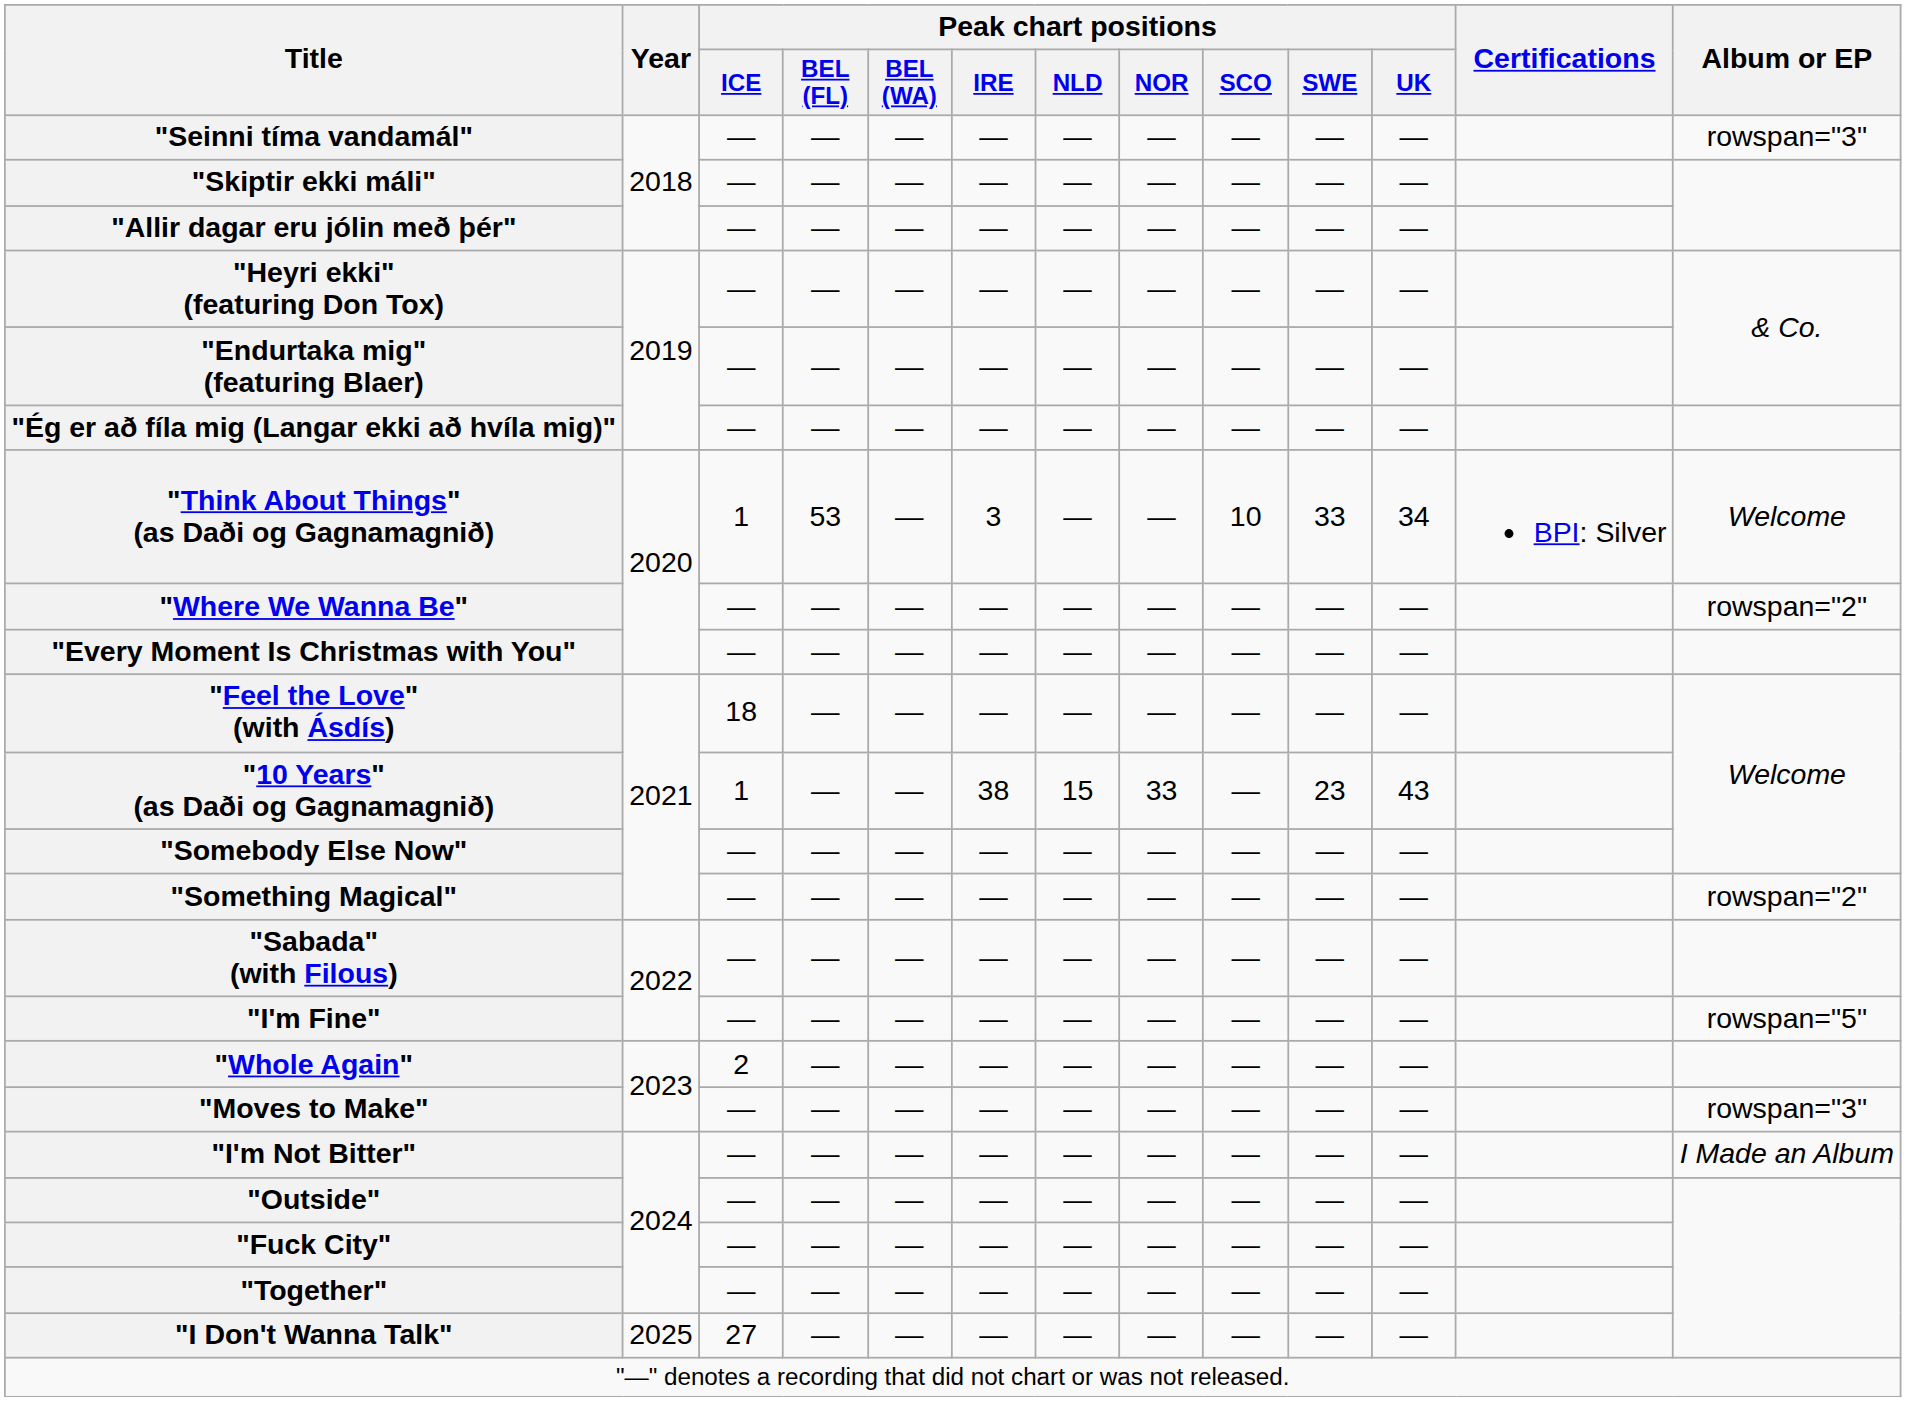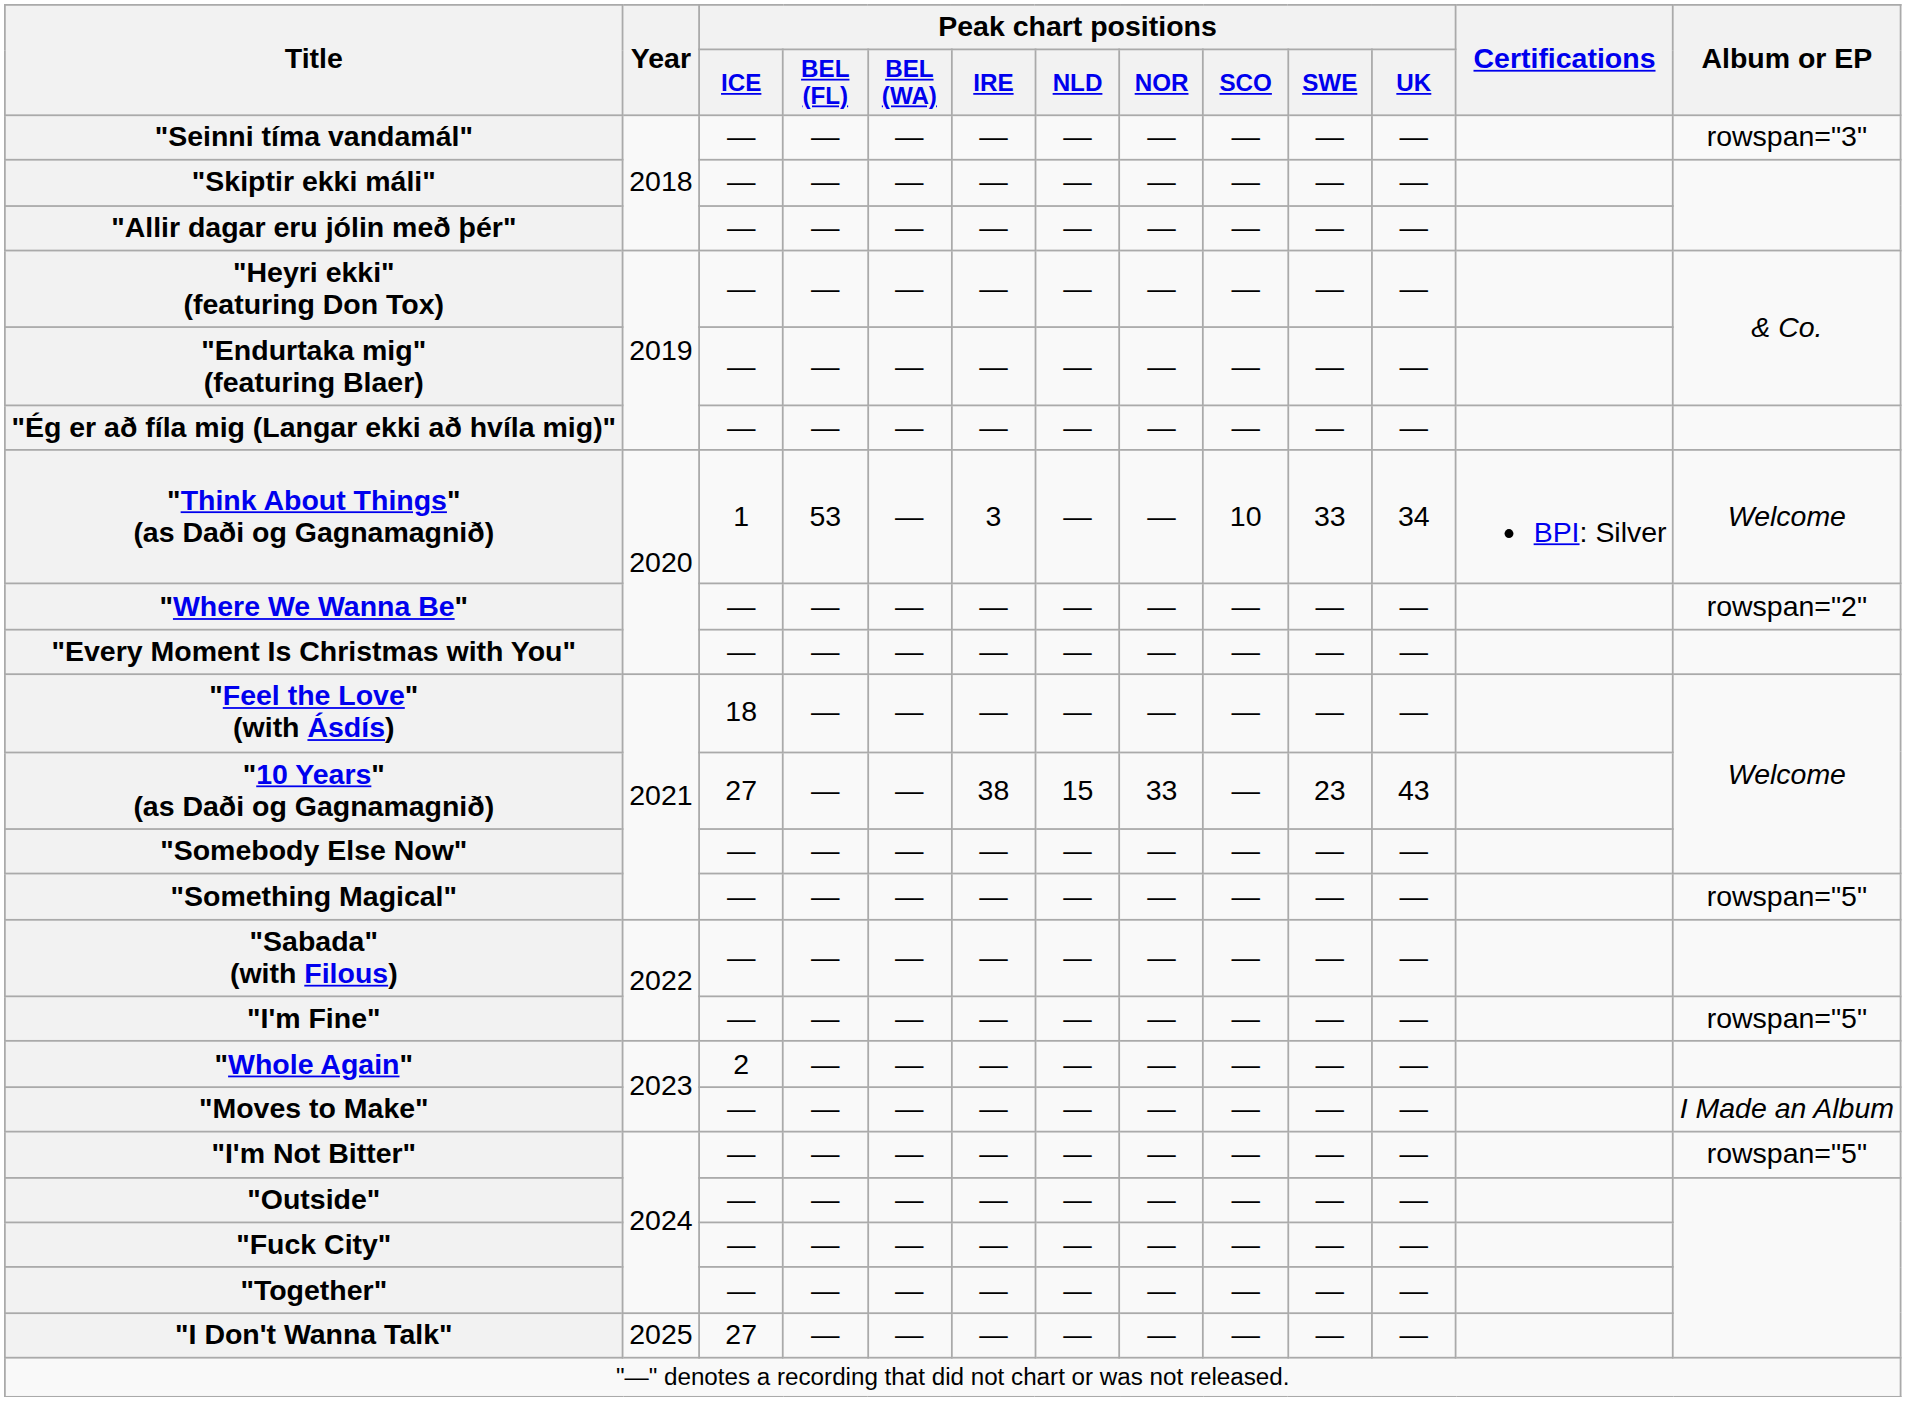 <table class="wikitable plainrowheaders" style="text-align:center;">
 <tr>
 <th scope="col" rowspan="2">Title</th>
 <th scope="col" rowspan="2">Year</th>
 <th scope="col" colspan="9">Peak chart positions</th>
 <th scope="col" rowspan="2"><a href='#'>Certifications</a></th>
 <th scope="col" rowspan="2">Album or EP</th>
 </tr>
 <tr>
 <th scope="col" style="width:3em;font-size:85%;"><a href='#'>ICE</a><br></th>
 <th scope="col" style="width:3em;font-size:85%;"><a href='#'>BEL<br>(FL)</a><br></th>
 <th scope="col" style="width:3em;font-size:85%;"><a href='#'>BEL<br>(WA)</a><br></th>
 <th scope="col" style="width:3em;font-size:85%;"><a href='#'>IRE</a><br></th>
 <th scope="col" style="width:3em;font-size:85%;"><a href='#'>NLD</a><br></th>
 <th scope="col" style="width:3em;font-size:85%;"><a href='#'>NOR</a><br></th>
 <th scope="col" style="width:3em;font-size:85%;"><a href='#'>SCO</a><br></th>
 <th scope="col" style="width:3em;font-size:85%;"><a href='#'>SWE</a><br></th>
 <th scope="col" style="width:3em;font-size:85%;"><a href='#'>UK</a><br></th>
 </tr>
 <tr>
 <th scope="row">"Seinni tíma vandamál"</th>
 <td rowspan="3">2018</td>
 <td>—</td>
 <td>—</td>
 <td>—</td>
 <td>—</td>
 <td>—</td>
 <td>—</td>
 <td>—</td>
 <td>—</td>
 <td>—</td>
 <td></td>
 <td>rowspan="3" </td>
 </tr>
 <tr>
 <th scope="row">"Skiptir ekki máli"</th>
 <td>—</td>
 <td>—</td>
 <td>—</td>
 <td>—</td>
 <td>—</td>
 <td>—</td>
 <td>—</td>
 <td>—</td>
 <td>—</td>
 <td></td>
 </tr>
 <tr>
 <th scope="row">"Allir dagar eru jólin með þér"</th>
 <td>—</td>
 <td>—</td>
 <td>—</td>
 <td>—</td>
 <td>—</td>
 <td>—</td>
 <td>—</td>
 <td>—</td>
 <td>—</td>
 <td></td>
 </tr>
 <tr>
 <th scope="row">"Heyri ekki"<br><span>(featuring Don Tox)</span></th>
 <td rowspan="3">2019</td>
 <td>—</td>
 <td>—</td>
 <td>—</td>
 <td>—</td>
 <td>—</td>
 <td>—</td>
 <td>—</td>
 <td>—</td>
 <td>—</td>
 <td></td>
 <td rowspan="2"><em>& Co.</em></td>
 </tr>
 <tr>
 <th scope="row">"Endurtaka mig"<br><span>(featuring Blaer)</span></th>
 <td>—</td>
 <td>—</td>
 <td>—</td>
 <td>—</td>
 <td>—</td>
 <td>—</td>
 <td>—</td>
 <td>—</td>
 <td>—</td>
 <td></td>
 </tr>
 <tr>
 <th scope="row">"Ég er að fíla mig (Langar ekki að hvíla mig)"</th>
 <td>—</td>
 <td>—</td>
 <td>—</td>
 <td>—</td>
 <td>—</td>
 <td>—</td>
 <td>—</td>
 <td>—</td>
 <td>—</td>
 <td></td>
 <td></td>
 </tr>
 <tr>
 <th scope="row">"<a href='#'>Think About Things</a>"<br><span>(as Daði og Gagnamagnið)</span></th>
 <td rowspan="3">2020</td>
 <td>1</td>
 <td>53</td>
 <td>—</td>
 <td>3</td>
 <td>—</td>
 <td>—</td>
 <td>10</td>
 <td>33</td>
 <td>34</td>
 <td><br><ul><li><a href='#'>BPI</a>: Silver</li></ul></td>
 <td><em>Welcome</em></td>
 </tr>
 <tr>
 <th scope="row">"<a href='#'>Where We Wanna Be</a>"</th>
 <td>—</td>
 <td>—</td>
 <td>—</td>
 <td>—</td>
 <td>—</td>
 <td>—</td>
 <td>—</td>
 <td>—</td>
 <td>—</td>
 <td></td>
 <td>rowspan="2" </td>
 </tr>
 <tr>
 <th scope="row">"Every Moment Is Christmas with You"</th>
 <td>—</td>
 <td>—</td>
 <td>—</td>
 <td>—</td>
 <td>—</td>
 <td>—</td>
 <td>—</td>
 <td>—</td>
 <td>—</td>
 <td></td>
 </tr>
 <tr>
 <th scope="row">"<a href='#'>Feel the Love</a>"<br><span>(with <a href='#'>Ásdís</a>)</span></th>
 <td rowspan="4">2021</td>
 <td>18</td>
 <td>—</td>
 <td>—</td>
 <td>—</td>
 <td>—</td>
 <td>—</td>
 <td>—</td>
 <td>—</td>
 <td>—</td>
 <td></td>
 <td rowspan="3"><em>Welcome</em></td>
 </tr>
 <tr>
 <th scope="row">"<a href='#'>10 Years</a>"<br><span>(as Daði og Gagnamagnið)</span></th>
-<td>1</td>
+<td>27</td>
 <td>—</td>
 <td>—</td>
 <td>38</td>
 <td>15</td>
 <td>33</td>
 <td>—</td>
 <td>23</td>
 <td>43</td>
 <td></td>
 </tr>
 <tr>
 <th scope="row">"Somebody Else Now"</th>
 <td>—</td>
 <td>—</td>
 <td>—</td>
 <td>—</td>
 <td>—</td>
 <td>—</td>
 <td>—</td>
 <td>—</td>
 <td>—</td>
 <td></td>
 </tr>
 <tr>
 <th scope="row">"Something Magical"</th>
 <td>—</td>
 <td>—</td>
 <td>—</td>
 <td>—</td>
 <td>—</td>
 <td>—</td>
 <td>—</td>
 <td>—</td>
 <td>—</td>
 <td></td>
-<td>rowspan="2" </td>
+<td>rowspan="5" </td>
 </tr>
 <tr>
 <th scope="row">"Sabada"<br><span>(with <a href='#'>Filous</a>)</span></th>
 <td rowspan="2">2022</td>
 <td>—</td>
 <td>—</td>
 <td>—</td>
 <td>—</td>
 <td>—</td>
 <td>—</td>
 <td>—</td>
 <td>—</td>
 <td>—</td>
 <td></td>
 </tr>
 <tr>
 <th scope="row">"I'm Fine"</th>
 <td>—</td>
 <td>—</td>
 <td>—</td>
 <td>—</td>
 <td>—</td>
 <td>—</td>
 <td>—</td>
 <td>—</td>
 <td>—</td>
 <td></td>
 <td>rowspan="5" </td>
 </tr>
 <tr>
 <th scope="row">"<a href='#'>Whole Again</a>"</th>
 <td rowspan="2">2023</td>
 <td>2</td>
 <td>—</td>
 <td>—</td>
 <td>—</td>
 <td>—</td>
 <td>—</td>
 <td>—</td>
 <td>—</td>
 <td>—</td>
 <td></td>
 <td></td>
 </tr>
 <tr>
 <th scope="row">"Moves to Make"</th>
 <td>—</td>
 <td>—</td>
 <td>—</td>
 <td>—</td>
 <td>—</td>
 <td>—</td>
 <td>—</td>
 <td>—</td>
 <td>—</td>
 <td></td>
-<td>rowspan="3" </td>
+<td><em>I Made an Album</em></td>
 </tr>
 <tr>
 <th scope="row">"I'm Not Bitter"</th>
 <td rowspan="4">2024</td>
 <td>—</td>
 <td>—</td>
 <td>—</td>
 <td>—</td>
 <td>—</td>
 <td>—</td>
 <td>—</td>
 <td>—</td>
 <td>—</td>
 <td></td>
-<td><em>I Made an Album</em></td>
+<td>rowspan="5" </td>
 </tr>
 <tr>
 <th scope="row">"Outside"</th>
 <td>—</td>
 <td>—</td>
 <td>—</td>
 <td>—</td>
 <td>—</td>
 <td>—</td>
 <td>—</td>
 <td>—</td>
 <td>—</td>
 <td></td>
 </tr>
 <tr>
 <th scope="row">"Fuck City"</th>
 <td>—</td>
 <td>—</td>
 <td>—</td>
 <td>—</td>
 <td>—</td>
 <td>—</td>
 <td>—</td>
 <td>—</td>
 <td>—</td>
 <td></td>
 </tr>
 <tr>
 <th scope="row">"Together"</th>
 <td>—</td>
 <td>—</td>
 <td>—</td>
 <td>—</td>
 <td>—</td>
 <td>—</td>
 <td>—</td>
 <td>—</td>
 <td>—</td>
 <td></td>
 </tr>
 <tr>
 <th scope="row">"I Don't Wanna Talk"</th>
 <td>2025</td>
 <td>27</td>
 <td>—</td>
 <td>—</td>
 <td>—</td>
 <td>—</td>
 <td>—</td>
 <td>—</td>
 <td>—</td>
 <td>—</td>
 <td></td>
 </tr>
 <tr>
 <td style="font-size:85%;" colspan="13">"—" denotes a recording that did not chart or was not released.</td>
 </tr>
 </table>
